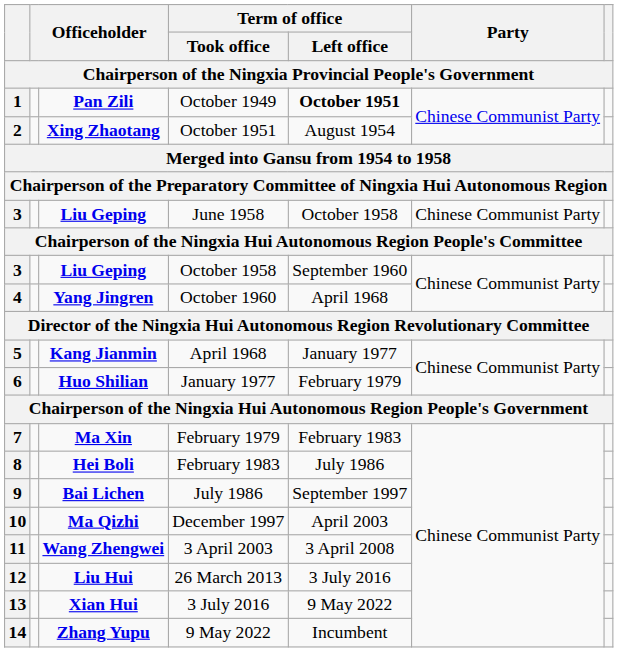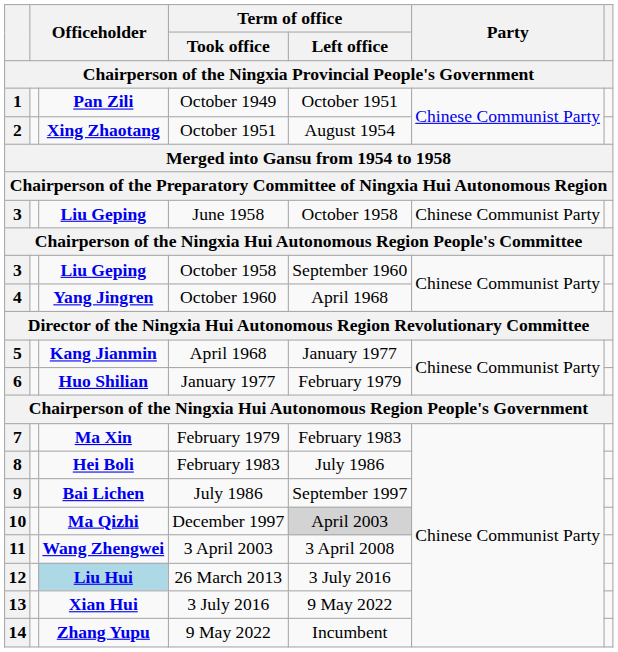 <table class="wikitable" style="text-align:center">
 <tr>
 <th rowspan="2"></th>
 <th colspan="2" rowspan="2">Officeholder</th>
 <th colspan="2">Term of office</th>
 <th rowspan="2">Party</th>
 <th rowspan="2"></th>
 </tr>
 <tr>
 <th>Took office</th>
 <th>Left office</th>
 </tr>
 <tr>
 <th colspan="7"><strong>Chairperson of the Ningxia Provincial People's Government</strong></th>
 </tr>
 <tr>
 <th>1</th>
 <td></td>
 <td><strong><a href='#'>Pan Zili</a></strong><br></td>
 <td>October 1949</td>
-<td><strong>October 1951</strong></td>
+<td>October 1951</td>
 <td rowspan="2"><a href='#'>Chinese Communist Party</a></td>
 <td></td>
 </tr>
 <tr>
 <th>2</th>
 <td></td>
 <td><strong><a href='#'>Xing Zhaotang</a></strong><br></td>
 <td>October 1951</td>
 <td>August 1954</td>
 <td></td>
 </tr>
 <tr>
 <th colspan="7">Merged into Gansu from 1954 to 1958</th>
 </tr>
 <tr>
 <th colspan="7"><strong>Chairperson of the Preparatory Committee of Ningxia Hui Autonomous Region</strong></th>
 </tr>
 <tr>
 <th>3</th>
 <td></td>
 <td><strong><a href='#'>Liu Geping</a></strong><br></td>
 <td>June 1958</td>
 <td>October 1958</td>
 <td>Chinese Communist Party</td>
 <td></td>
 </tr>
 <tr>
 <th colspan="7">Chairperson of the Ningxia Hui Autonomous Region People's Committee</th>
 </tr>
 <tr>
 <th>3</th>
 <td></td>
 <td><strong><a href='#'>Liu Geping</a></strong><br></td>
 <td>October 1958</td>
 <td>September 1960</td>
 <td rowspan="2">Chinese Communist Party</td>
 <td></td>
 </tr>
 <tr>
 <th>4</th>
 <td></td>
 <td><strong><a href='#'>Yang Jingren</a></strong><br></td>
 <td>October 1960</td>
 <td>April 1968</td>
 <td></td>
 </tr>
 <tr>
 <th colspan="7">Director of the Ningxia Hui Autonomous Region Revolutionary Committee</th>
 </tr>
 <tr>
 <th>5</th>
 <td></td>
 <td><strong><a href='#'>Kang Jianmin</a></strong><br></td>
 <td>April 1968</td>
 <td>January 1977</td>
 <td rowspan="2">Chinese Communist Party</td>
 <td></td>
 </tr>
 <tr>
 <th>6</th>
 <td></td>
 <td><strong><a href='#'>Huo Shilian</a></strong><br></td>
 <td>January 1977</td>
 <td>February 1979</td>
 <td></td>
 </tr>
 <tr>
 <th colspan="7">Chairperson of the Ningxia Hui Autonomous Region People's Government</th>
 </tr>
 <tr>
 <th>7</th>
 <td></td>
 <td><strong><a href='#'>Ma Xin</a></strong><br></td>
 <td>February 1979</td>
 <td>February 1983</td>
 <td rowspan="8">Chinese Communist Party</td>
 <td></td>
 </tr>
 <tr>
 <th>8</th>
 <td></td>
 <td><strong><a href='#'>Hei Boli</a></strong><br></td>
 <td>February 1983</td>
 <td>July 1986</td>
 <td></td>
 </tr>
 <tr>
 <th>9</th>
 <td></td>
 <td><strong><a href='#'>Bai Lichen</a></strong><br></td>
 <td>July 1986</td>
 <td>September 1997</td>
 <td></td>
 </tr>
 <tr>
 <th>10</th>
 <td></td>
 <td><strong><a href='#'>Ma Qizhi</a></strong><br></td>
 <td>December 1997</td>
-<td>April 2003</td>
+<td style="background: lightgrey;">April 2003</td>
 <td></td>
 </tr>
 <tr>
 <th>11</th>
 <td></td>
 <td><strong><a href='#'>Wang Zhengwei</a></strong><br></td>
 <td>3 April 2003</td>
 <td>3 April 2008</td>
 <td></td>
 </tr>
 <tr>
 <th>12</th>
 <td></td>
-<td><strong><a href='#'>Liu Hui</a></strong><br></td>
+<td style="background: lightblue;"><strong><a href='#'>Liu Hui</a></strong><br></td>
 <td>26 March 2013</td>
 <td>3 July 2016</td>
 <td></td>
 </tr>
 <tr>
 <th>13</th>
 <td></td>
 <td><strong><a href='#'>Xian Hui</a></strong><br></td>
 <td>3 July 2016</td>
 <td>9 May 2022</td>
 <td></td>
 </tr>
 <tr>
 <th>14</th>
 <td></td>
 <td><strong><a href='#'>Zhang Yupu</a></strong><br></td>
 <td>9 May 2022</td>
 <td>Incumbent</td>
 <td></td>
 </tr>
 </table>
